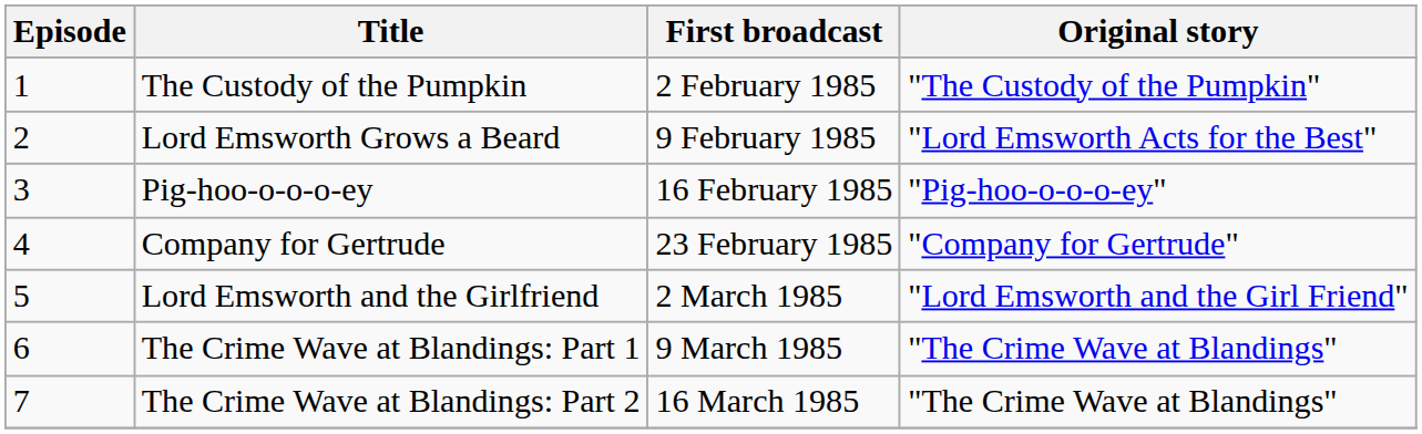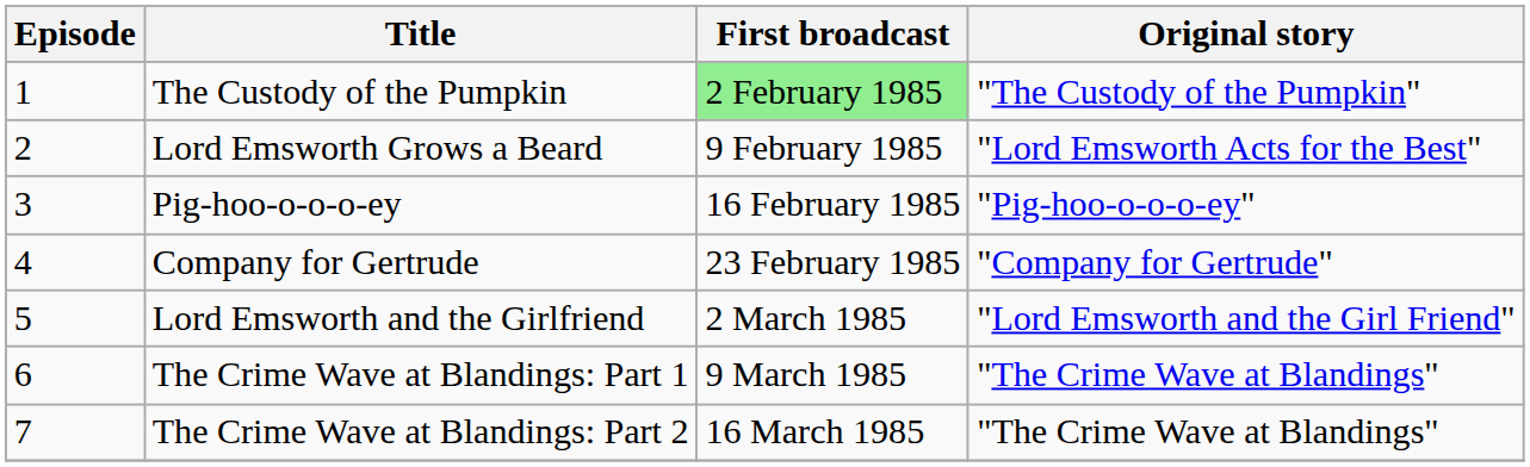 <table class="wikitable">
 <tr>
 <th>Episode</th>
 <th>Title</th>
 <th>First broadcast</th>
 <th>Original story</th>
 </tr>
 <tr>
 <td>1</td>
 <td>The Custody of the Pumpkin</td>
-<td>2 February 1985</td>
+<td style="background: lightgreen;">2 February 1985</td>
 <td>"<a href='#'>The Custody of the Pumpkin</a>"</td>
 </tr>
 <tr>
 <td>2</td>
 <td>Lord Emsworth Grows a Beard</td>
 <td>9 February 1985</td>
 <td>"<a href='#'>Lord Emsworth Acts for the Best</a>"</td>
 </tr>
 <tr>
 <td>3</td>
 <td>Pig-hoo-o-o-o-ey</td>
 <td>16 February 1985</td>
 <td>"<a href='#'>Pig-hoo-o-o-o-ey</a>"</td>
 </tr>
 <tr>
 <td>4</td>
 <td>Company for Gertrude</td>
 <td>23 February 1985</td>
 <td>"<a href='#'>Company for Gertrude</a>"</td>
 </tr>
 <tr>
 <td>5</td>
 <td>Lord Emsworth and the Girlfriend</td>
 <td>2 March 1985</td>
 <td>"<a href='#'>Lord Emsworth and the Girl Friend</a>"</td>
 </tr>
 <tr>
 <td>6</td>
 <td>The Crime Wave at Blandings: Part 1</td>
 <td>9 March 1985</td>
 <td>"<a href='#'>The Crime Wave at Blandings</a>"</td>
 </tr>
 <tr>
 <td>7</td>
 <td>The Crime Wave at Blandings: Part 2</td>
 <td>16 March 1985</td>
 <td>"The Crime Wave at Blandings"</td>
 </tr>
 <tr>
 </tr>
 </table>
